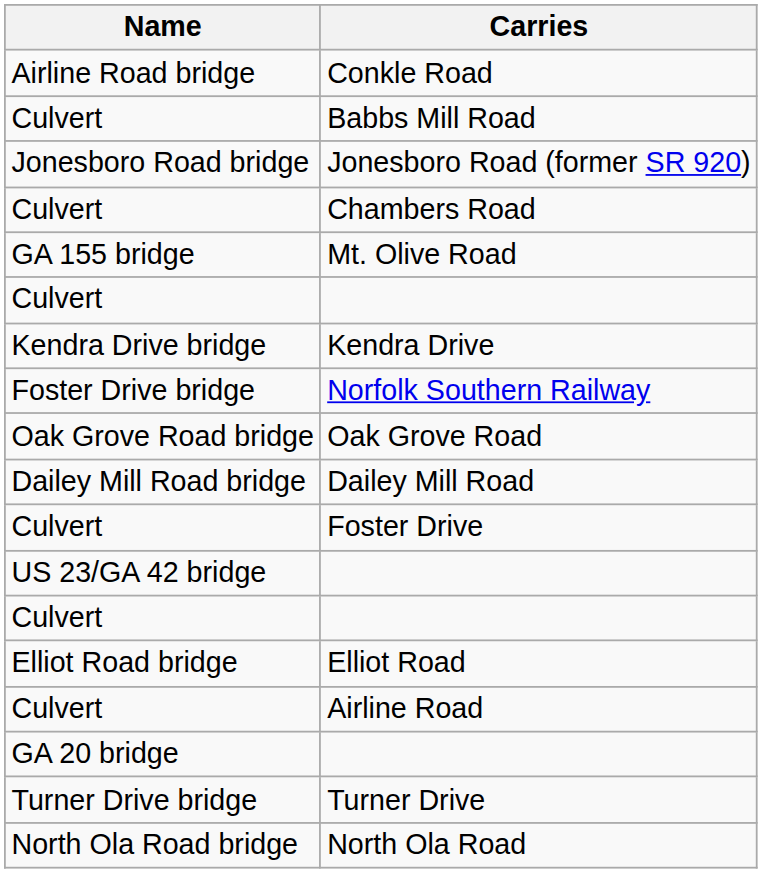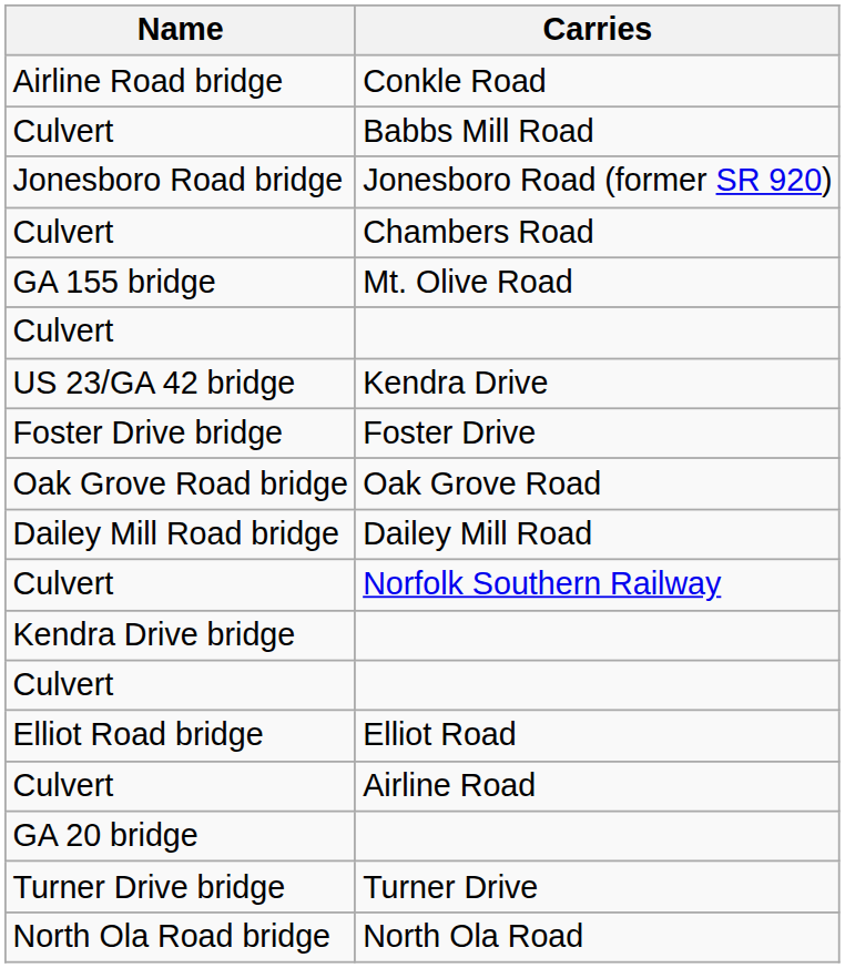 <table class="wikitable sortable">
 <tr>
 <th scope="col">Name</th>
 <th scope="col">Carries</th>
 </tr>
 <tr>
 <td>Airline Road bridge</td>
 <td>Conkle Road</td>
 </tr>
 <tr>
 <td>Culvert</td>
 <td>Babbs Mill Road</td>
 </tr>
 <tr>
 <td>Jonesboro Road bridge</td>
 <td>Jonesboro Road  (former <a href='#'>SR 920</a>)</td>
 </tr>
 <tr>
 <td>Culvert</td>
 <td>Chambers Road</td>
 </tr>
 <tr>
 <td>GA 155 bridge</td>
 <td>Mt. Olive Road</td>
 </tr>
 <tr>
 <td>Culvert</td>
 <td></td>
 </tr>
 <tr>
-<td>Kendra Drive bridge</td>
+<td>US 23/GA 42 bridge</td>
 <td>Kendra Drive</td>
 </tr>
 <tr>
 <td>Foster Drive bridge</td>
-<td><a href='#'>Norfolk Southern Railway</a></td>
+<td>Foster Drive</td>
 </tr>
 <tr>
 <td>Oak Grove Road bridge</td>
 <td>Oak Grove Road</td>
 </tr>
 <tr>
 <td>Dailey Mill Road bridge</td>
 <td>Dailey Mill Road</td>
 </tr>
 <tr>
 <td>Culvert</td>
-<td>Foster Drive</td>
+<td><a href='#'>Norfolk Southern Railway</a></td>
 </tr>
 <tr>
-<td>US 23/GA 42 bridge</td>
+<td>Kendra Drive bridge</td>
 <td></td>
 </tr>
 <tr>
 <td>Culvert</td>
 <td></td>
 </tr>
 <tr>
 <td>Elliot Road bridge</td>
 <td>Elliot Road</td>
 </tr>
 <tr>
 <td>Culvert</td>
 <td>Airline Road</td>
 </tr>
 <tr>
 <td>GA 20 bridge</td>
 <td></td>
 </tr>
 <tr>
 <td>Turner Drive bridge</td>
 <td>Turner Drive</td>
 </tr>
 <tr>
 <td>North Ola Road bridge</td>
 <td>North Ola Road</td>
 </tr>
 </table>
